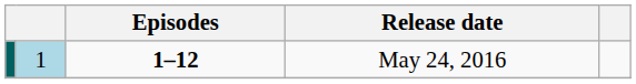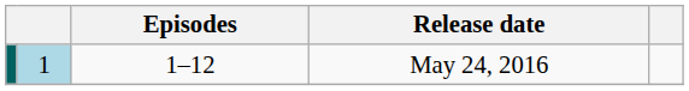 <table class="wikitable" style="text-align: center; width: 70%;">
 <tr>
 <th colspan="2"></th>
 <th>Episodes</th>
 <th>Release date</th>
 <th width="5%"></th>
 </tr>
 <tr>
 <td rowspan="1" width="1%" style="background: #006161;"></td>
 <td style="background: lightblue;">1</td>
-<td><strong>1–12</strong></td>
+<td>1–12</td>
 <td>May 24, 2016</td>
 <td></td>
 </tr>
 <tr>
 </tr>
 </table>
